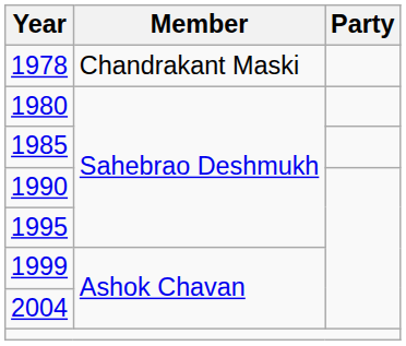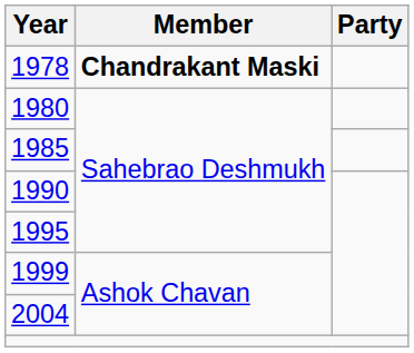 <table class="wikitable">
 <tr>
 <th>Year</th>
 <th>Member</th>
 <th colspan="2">Party</th>
 </tr>
 <tr>
 <td><a href='#'>1978</a></td>
-<td>Chandrakant Maski</td>
+<td><strong>Chandrakant Maski</strong></td>
 <td></td>
 </tr>
 <tr>
 <td><a href='#'>1980</a></td>
 <td rowspan="4"><a href='#'>Sahebrao Deshmukh</a></td>
 <td></td>
 </tr>
 <tr>
 <td><a href='#'>1985</a></td>
 <td></td>
 </tr>
 <tr>
 <td><a href='#'>1990</a></td>
 </tr>
 <tr>
 <td><a href='#'>1995</a></td>
 </tr>
 <tr>
 <td><a href='#'>1999</a></td>
 <td rowspan="2"><a href='#'>Ashok Chavan</a></td>
 </tr>
 <tr>
 <td><a href='#'>2004</a></td>
 </tr>
 <tr>
 <td colspan="4"></td>
 </tr>
 </table>
